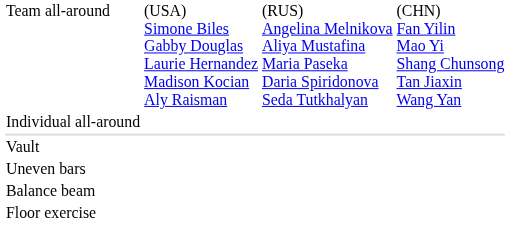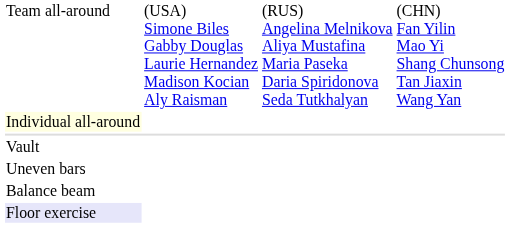 <table>
 <tr valign="top">
 <td>Team all-around<br></td>
 <td> (USA)<br><a href='#'>Simone Biles</a><br><a href='#'>Gabby Douglas</a><br><a href='#'>Laurie Hernandez</a><br><a href='#'>Madison Kocian</a><br><a href='#'>Aly Raisman</a></td>
 <td> (RUS)<br><a href='#'>Angelina Melnikova</a><br><a href='#'>Aliya Mustafina</a><br><a href='#'>Maria Paseka</a><br><a href='#'>Daria Spiridonova</a><br><a href='#'>Seda Tutkhalyan</a></td>
 <td> (CHN)<br><a href='#'>Fan Yilin</a><br><a href='#'>Mao Yi</a><br><a href='#'>Shang Chunsong</a><br><a href='#'>Tan Jiaxin</a><br><a href='#'>Wang Yan</a></td>
 </tr>
 <tr valign="top">
-<td>Individual all-around<br></td>
+<td style="background: lightyellow;">Individual all-around<br></td>
 <td></td>
 <td></td>
 <td></td>
 </tr>
 <tr bgcolor=#DDDDDD>
 <td colspan=7></td>
 </tr>
 <tr>
 <td>Vault<br></td>
 <td></td>
 <td></td>
 <td></td>
 </tr>
 <tr>
 <td>Uneven bars<br></td>
 <td></td>
 <td></td>
 <td></td>
 </tr>
 <tr>
 <td>Balance beam<br></td>
 <td></td>
 <td></td>
 <td></td>
 </tr>
 <tr>
-<td>Floor exercise<br></td>
+<td style="background: lavender;">Floor exercise<br></td>
 <td></td>
 <td></td>
 <td></td>
 </tr>
 </table>
